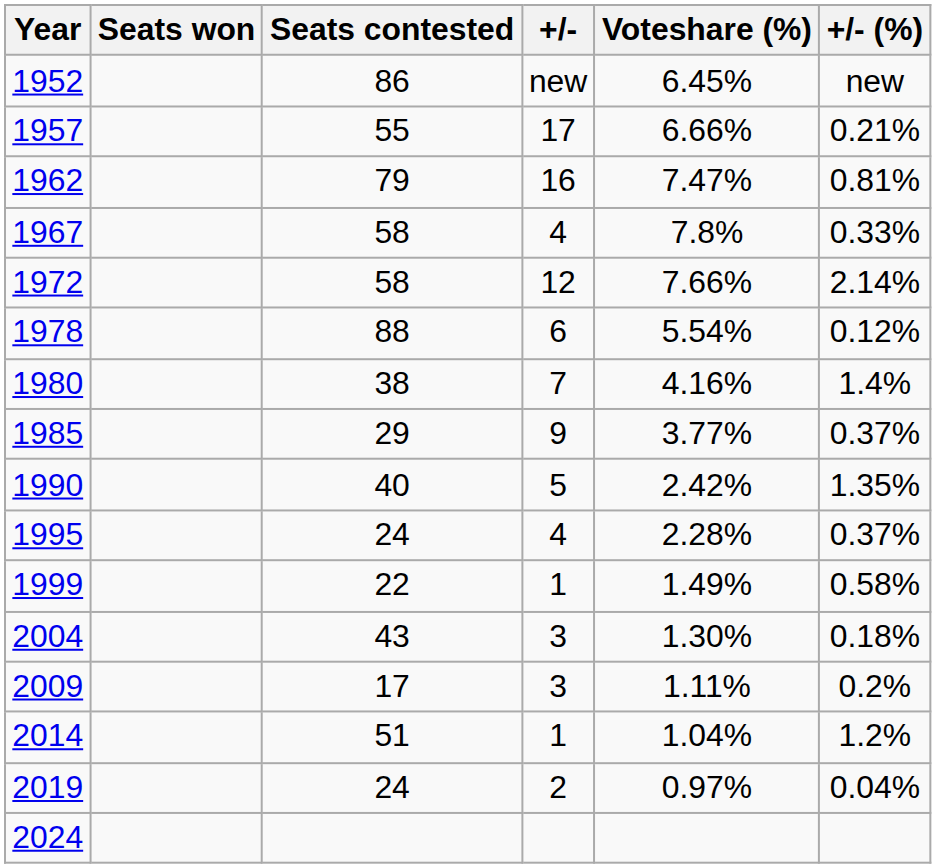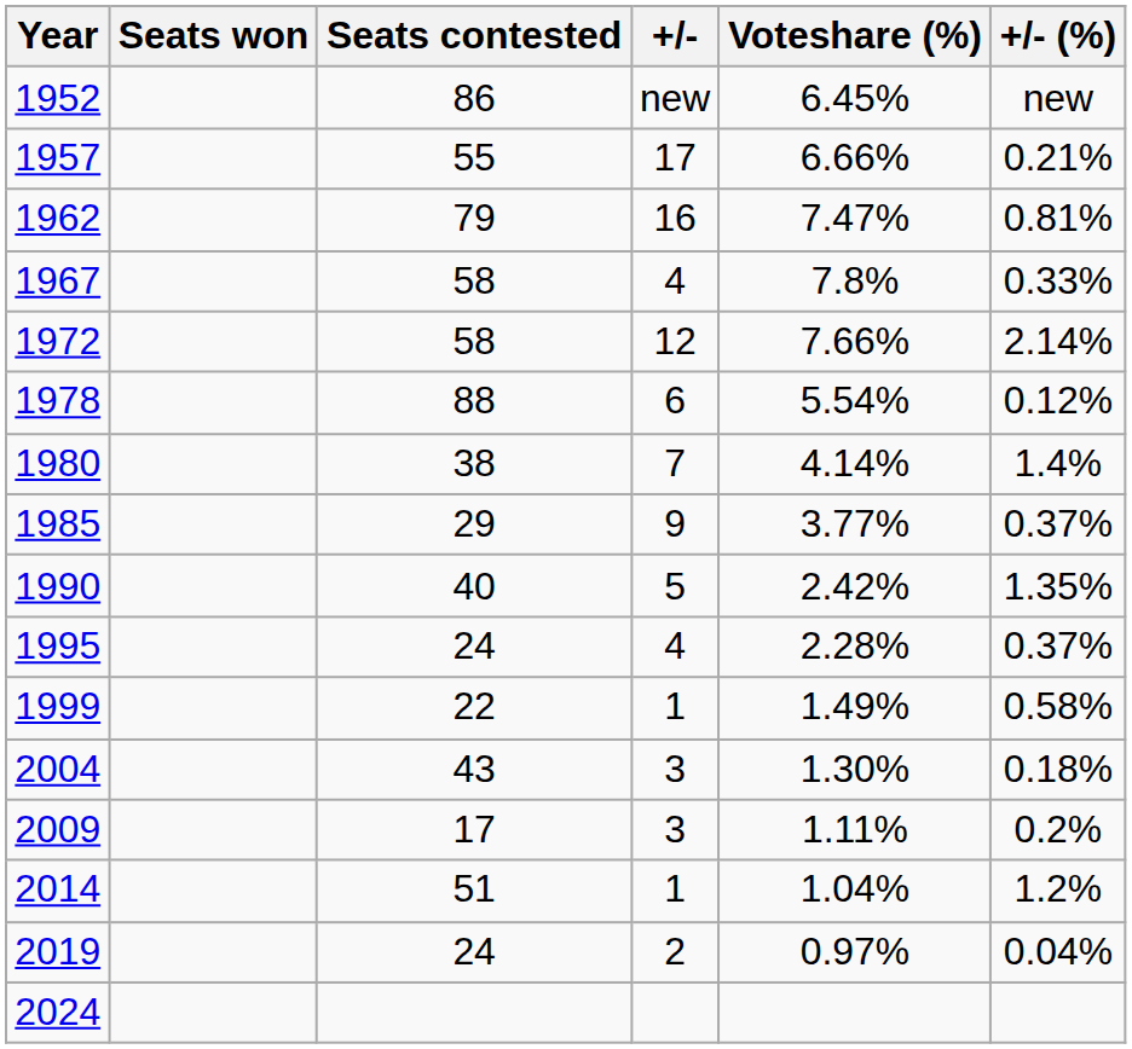 <table class="wikitable sortable" style="text-align:center;">
 <tr>
 <th style="background-color:">Year</th>
 <th style="background-color:">Seats won</th>
 <th style="background-color:">Seats contested</th>
 <th style="background-color:">+/-</th>
 <th style="background-color:">Voteshare (%)</th>
 <th style="background-color:">+/- (%)</th>
 </tr>
 <tr>
 <td><a href='#'>1952</a></td>
 <td></td>
 <td>86</td>
 <td>new</td>
 <td>6.45%</td>
 <td>new</td>
 </tr>
 <tr>
 <td><a href='#'>1957</a></td>
 <td></td>
 <td>55</td>
 <td>17</td>
 <td>6.66%</td>
 <td>0.21%</td>
 </tr>
 <tr>
 <td><a href='#'>1962</a></td>
 <td></td>
 <td>79</td>
 <td>16</td>
 <td>7.47%</td>
 <td>0.81%</td>
 </tr>
 <tr>
 <td><a href='#'>1967</a></td>
 <td></td>
 <td>58</td>
 <td>4</td>
 <td>7.8%</td>
 <td>0.33%</td>
 </tr>
 <tr>
 <td><a href='#'>1972</a></td>
 <td></td>
 <td>58</td>
 <td>12</td>
 <td>7.66%</td>
 <td>2.14%</td>
 </tr>
 <tr>
 <td><a href='#'>1978</a></td>
 <td></td>
 <td>88</td>
 <td>6</td>
 <td>5.54%</td>
 <td>0.12%</td>
 </tr>
 <tr>
 <td><a href='#'>1980</a></td>
 <td></td>
 <td>38</td>
 <td>7</td>
-<td>4.16%</td>
+<td>4.14%</td>
 <td>1.4%</td>
 </tr>
 <tr>
 <td><a href='#'>1985</a></td>
 <td></td>
 <td>29</td>
 <td>9</td>
 <td>3.77%</td>
 <td>0.37%</td>
 </tr>
 <tr>
 <td><a href='#'>1990</a></td>
 <td></td>
 <td>40</td>
 <td>5</td>
 <td>2.42%</td>
 <td>1.35%</td>
 </tr>
 <tr>
 <td><a href='#'>1995</a></td>
 <td></td>
 <td>24</td>
 <td>4</td>
 <td>2.28%</td>
 <td>0.37%</td>
 </tr>
 <tr>
 <td><a href='#'>1999</a></td>
 <td></td>
 <td>22</td>
 <td>1</td>
 <td>1.49%</td>
 <td>0.58%</td>
 </tr>
 <tr>
 <td><a href='#'>2004</a></td>
 <td></td>
 <td>43</td>
 <td>3</td>
 <td>1.30%</td>
 <td>0.18%</td>
 </tr>
 <tr>
 <td><a href='#'>2009</a></td>
 <td></td>
 <td>17</td>
 <td>3</td>
 <td>1.11%</td>
 <td>0.2%</td>
 </tr>
 <tr>
 <td><a href='#'>2014</a></td>
 <td></td>
 <td>51</td>
 <td>1</td>
 <td>1.04%</td>
 <td>1.2%</td>
 </tr>
 <tr>
 <td><a href='#'>2019</a></td>
 <td></td>
 <td>24</td>
 <td>2</td>
 <td>0.97%</td>
 <td>0.04%</td>
 </tr>
 <tr>
 <td><a href='#'>2024</a></td>
 <td></td>
 <td></td>
 <td></td>
 <td></td>
 <td></td>
 </tr>
 </table>
